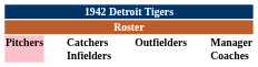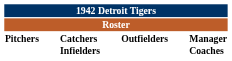 <table class="toccolours" style="font-size: 95%;">
 <tr>
 <th colspan="10" style="background-color: #003366; color: white; text-align: center;">1942 Detroit Tigers</th>
 </tr>
 <tr>
 <td colspan="10" style="background-color: #bd5d29; color: white; text-align: center;"><strong>Roster</strong></td>
 </tr>
 <tr>
-<td valign="top" style="background: pink;"><strong>Pitchers</strong><br>           </td>
+<td valign="top"><strong>Pitchers</strong><br>           </td>
 <td width="25px"></td>
 <td valign="top"><strong>Catchers</strong><br>    <strong>Infielders</strong>         </td>
 <td width="25px"></td>
 <td valign="top"><strong>Outfielders</strong><br>     </td>
 <td width="25px"></td>
 <td valign="top"><strong>Manager</strong><br> <strong>Coaches</strong>   </td>
 </tr>
 </table>
